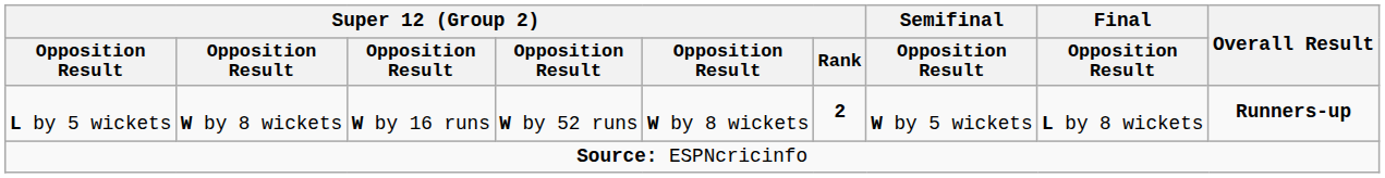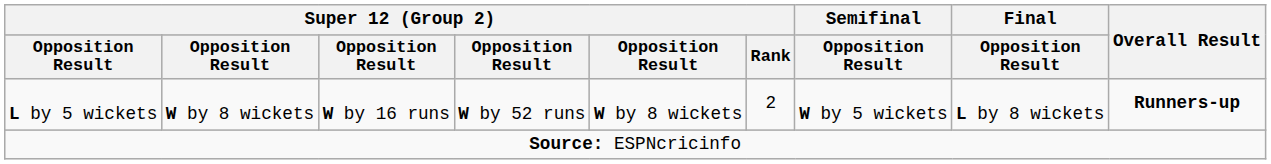 <table class=wikitable style=font-size:90%;text-align:center>
 <tr>
 <th colspan=6>Super 12 (Group 2)</th>
 <th>Semifinal</th>
 <th>Final</th>
 <th rowspan=2>Overall Result</th>
 </tr>
 <tr style=font-size:95%>
 <th>Opposition<br>Result</th>
 <th>Opposition<br>Result</th>
 <th>Opposition<br>Result</th>
 <th>Opposition<br>Result</th>
 <th>Opposition<br>Result</th>
 <th>Rank</th>
 <th>Opposition<br>Result</th>
 <th>Opposition<br>Result</th>
 </tr>
 <tr>
 <td><br><strong>L</strong> by 5 wickets</td>
 <td><br><strong>W</strong> by 8 wickets</td>
 <td><br><strong>W</strong> by 16 runs</td>
 <td><br><strong>W</strong> by 52 runs</td>
 <td><br><strong>W</strong> by 8 wickets</td>
-<td><strong>2</strong></td>
+<td>2</td>
 <td><br><strong>W</strong> by 5 wickets</td>
 <td><br><strong>L</strong> by 8 wickets</td>
 <td><strong>Runners-up</strong></td>
 </tr>
 <tr>
 <td colspan="11"><strong>Source:</strong> ESPNcricinfo</td>
 </tr>
 </table>
